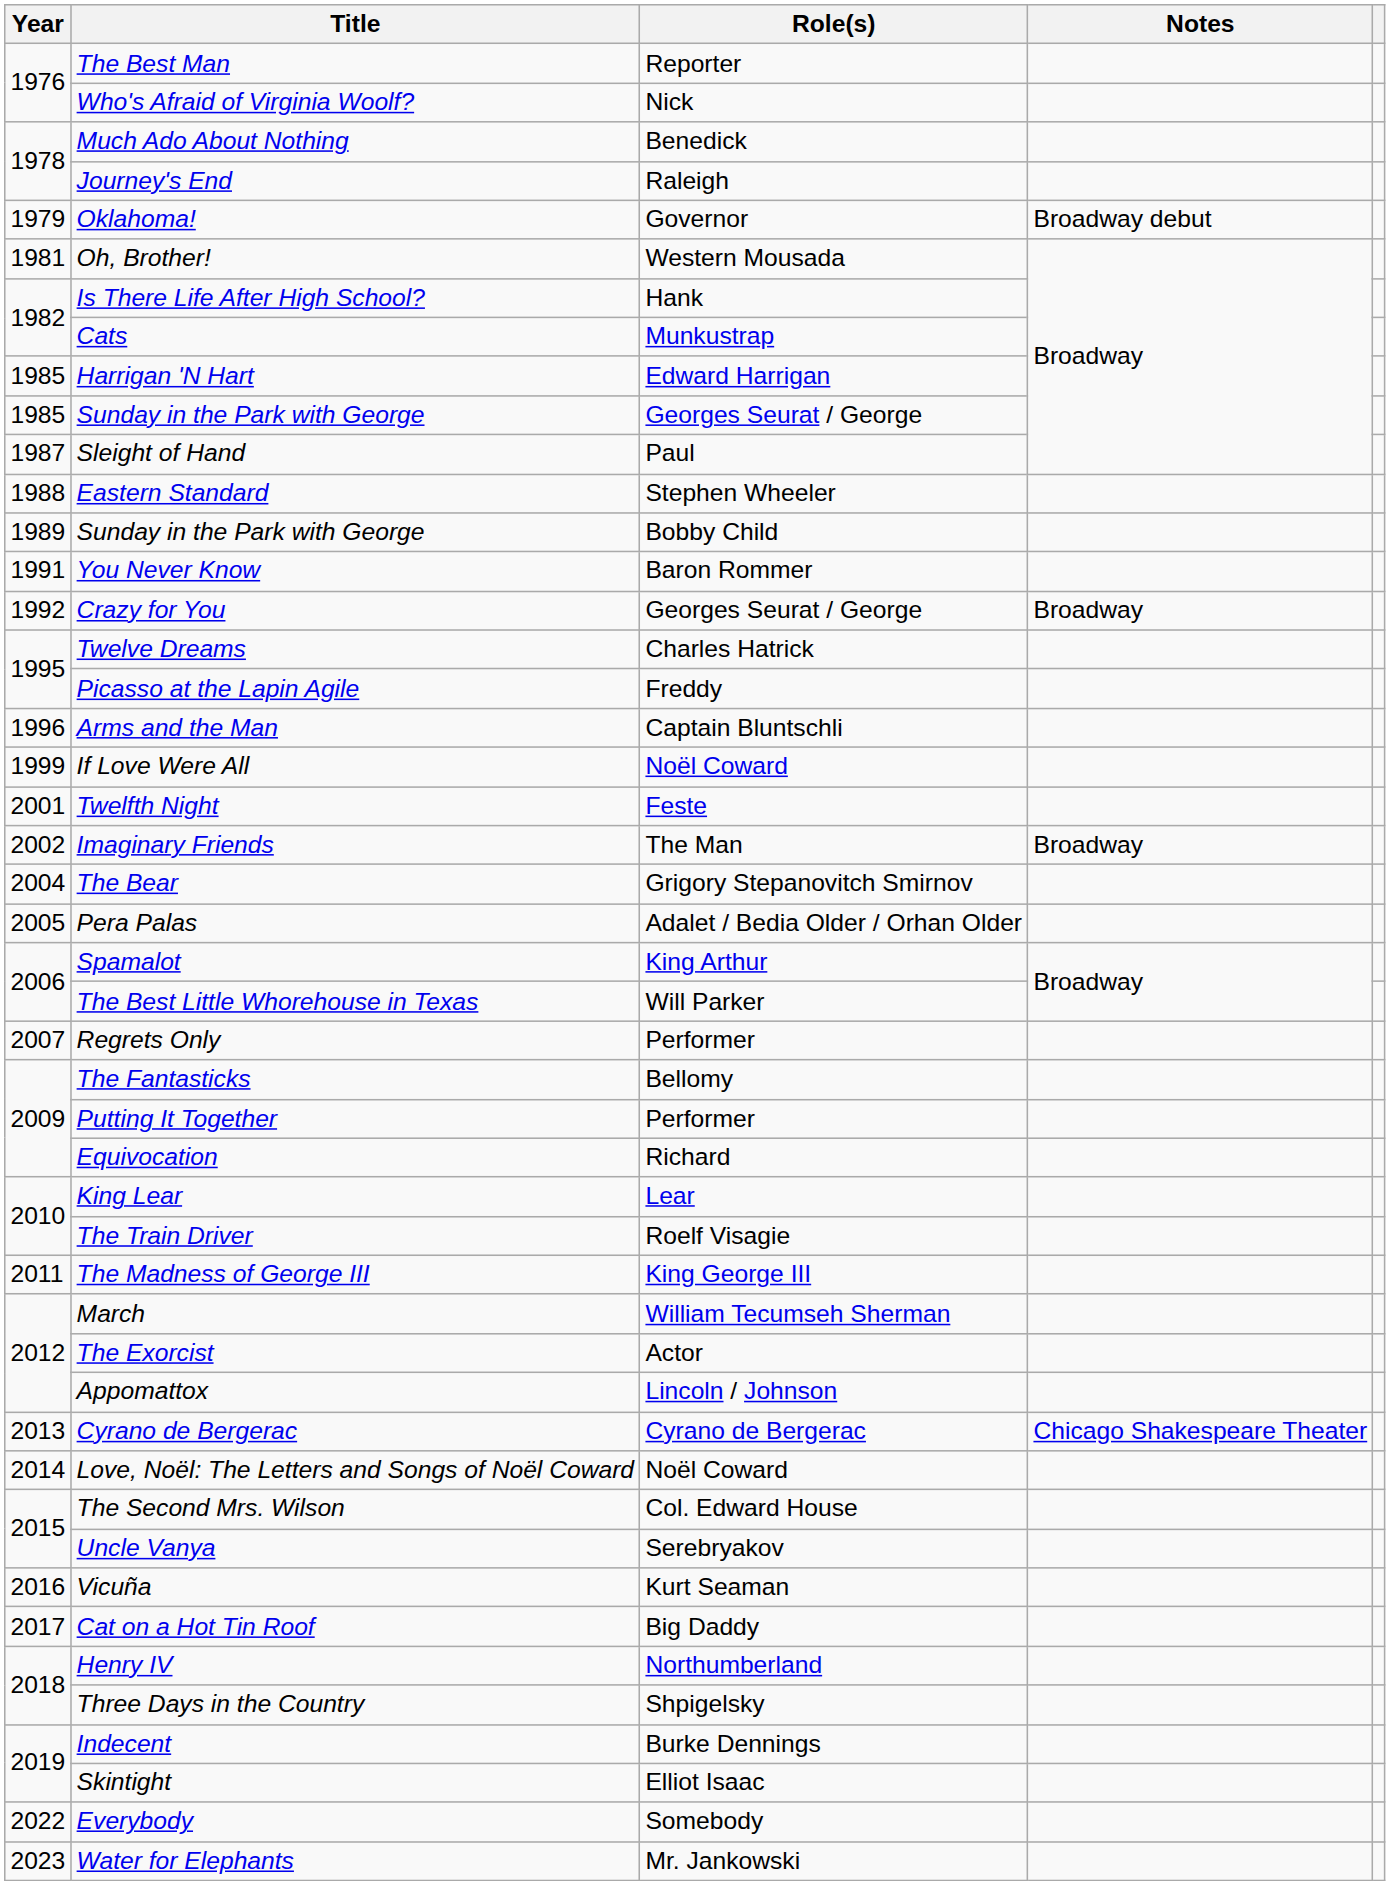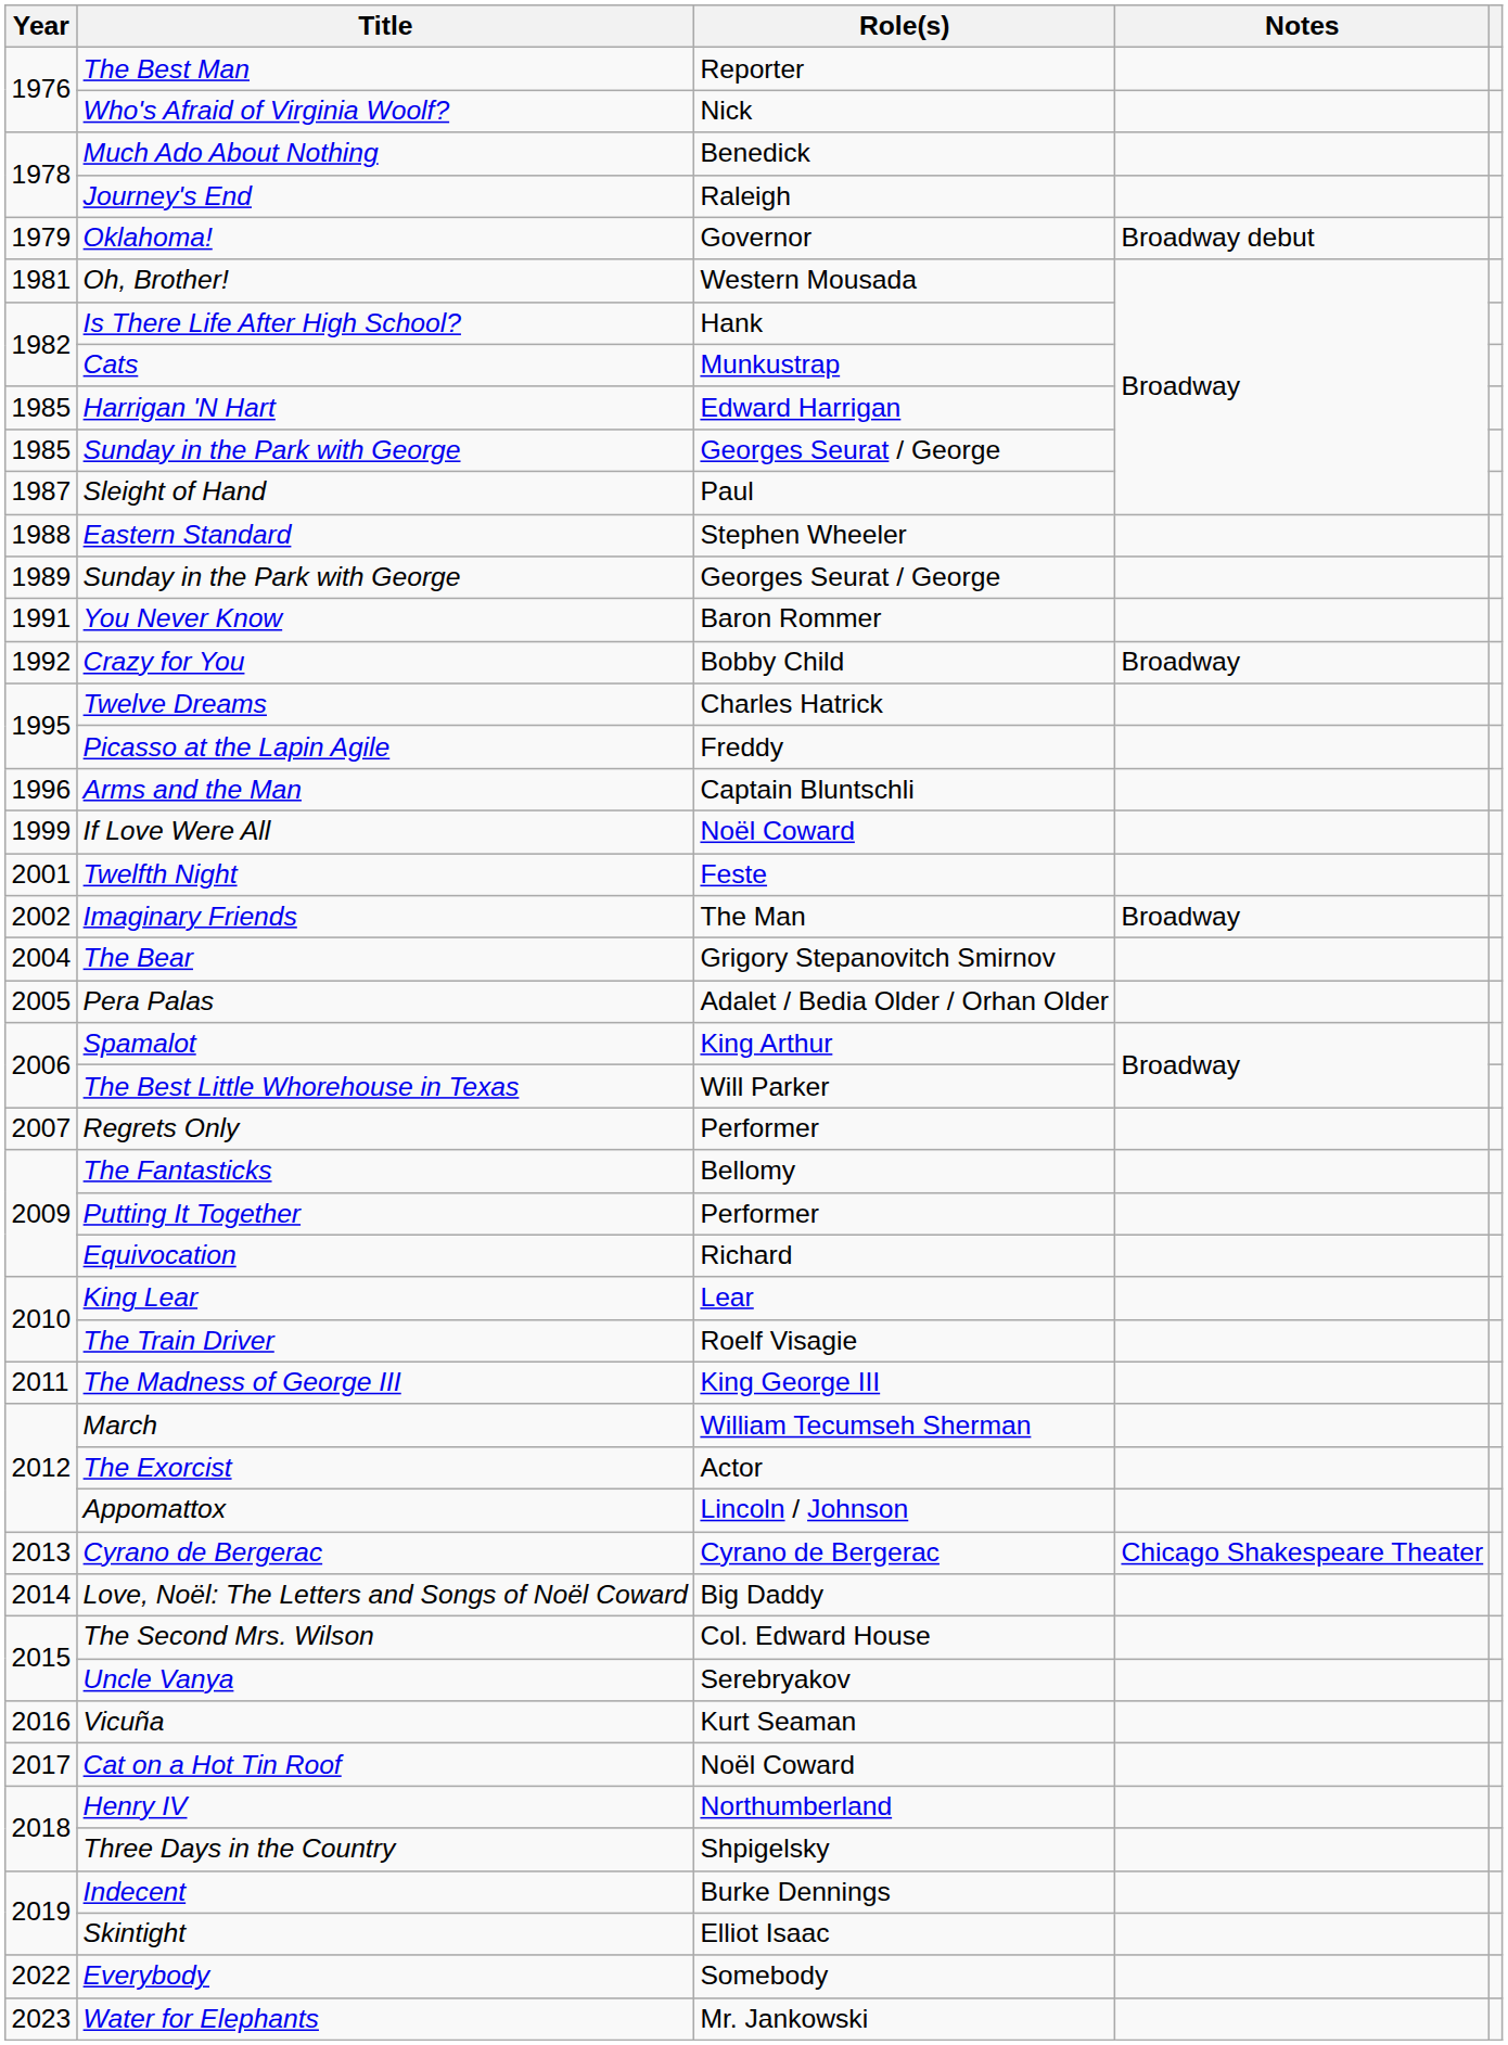 <table class="wikitable">
 <tr>
 <th>Year</th>
 <th>Title</th>
 <th>Role(s)</th>
 <th>Notes</th>
 <th></th>
 </tr>
 <tr>
 <td rowspan="2">1976</td>
 <td><a href='#'><em>The Best Man</em></a></td>
 <td>Reporter</td>
 <td></td>
 <td></td>
 </tr>
 <tr>
 <td><em><a href='#'>Who's Afraid of Virginia Woolf?</a></em></td>
 <td>Nick</td>
 <td></td>
 <td></td>
 </tr>
 <tr>
 <td rowspan="2">1978</td>
 <td><em><a href='#'>Much Ado About Nothing</a></em></td>
 <td>Benedick</td>
 <td></td>
 <td></td>
 </tr>
 <tr>
 <td><em><a href='#'>Journey's End</a></em></td>
 <td>Raleigh</td>
 <td></td>
 <td></td>
 </tr>
 <tr>
 <td>1979</td>
 <td><em><a href='#'>Oklahoma!</a></em></td>
 <td>Governor</td>
 <td>Broadway debut</td>
 <td></td>
 </tr>
 <tr>
 <td>1981</td>
 <td><em>Oh, Brother!</em></td>
 <td>Western Mousada</td>
 <td rowspan=6>Broadway</td>
 <td></td>
 </tr>
 <tr>
 <td rowspan="2">1982</td>
 <td><em><a href='#'>Is There Life After High School?</a></em></td>
 <td>Hank</td>
 <td></td>
 </tr>
 <tr>
 <td><a href='#'><em>Cats</em></a></td>
 <td><a href='#'>Munkustrap</a></td>
 <td></td>
 </tr>
 <tr>
 <td>1985</td>
 <td><em><a href='#'>Harrigan 'N Hart</a></em></td>
 <td><a href='#'>Edward Harrigan</a></td>
 <td></td>
 </tr>
 <tr>
 <td>1985</td>
 <td><em><a href='#'>Sunday in the Park with George</a></em></td>
 <td><a href='#'>Georges Seurat</a> / George</td>
 <td></td>
 </tr>
 <tr>
 <td>1987</td>
 <td><em>Sleight of Hand</em></td>
 <td>Paul</td>
 <td></td>
 </tr>
 <tr>
 <td>1988</td>
 <td><em><a href='#'>Eastern Standard</a></em></td>
 <td>Stephen Wheeler</td>
 <td></td>
 <td></td>
 </tr>
 <tr>
 <td>1989</td>
 <td><em>Sunday in the Park with George</em></td>
-<td>Bobby Child</td>
+<td>Georges Seurat / George</td>
 <td></td>
 <td></td>
 </tr>
 <tr>
 <td>1991</td>
 <td><a href='#'><em>You Never Know</em></a></td>
 <td>Baron Rommer</td>
 <td></td>
 <td></td>
 </tr>
 <tr>
 <td>1992</td>
 <td><a href='#'><em>Crazy for You</em></a></td>
-<td>Georges Seurat / George</td>
+<td>Bobby Child</td>
 <td>Broadway</td>
 <td></td>
 </tr>
 <tr>
 <td rowspan="2">1995</td>
 <td><em><a href='#'>Twelve Dreams</a></em></td>
 <td>Charles Hatrick</td>
 <td></td>
 <td></td>
 </tr>
 <tr>
 <td><em><a href='#'>Picasso at the Lapin Agile</a></em></td>
 <td>Freddy</td>
 <td></td>
 <td></td>
 </tr>
 <tr>
 <td>1996</td>
 <td><em><a href='#'>Arms and the Man</a></em></td>
 <td>Captain Bluntschli</td>
 <td></td>
 <td></td>
 </tr>
 <tr>
 <td>1999</td>
 <td><em>If Love Were All</em></td>
 <td><a href='#'>Noël Coward</a></td>
 <td></td>
 <td></td>
 </tr>
 <tr>
 <td>2001</td>
 <td><em><a href='#'>Twelfth Night</a></em></td>
 <td><a href='#'>Feste</a></td>
 <td></td>
 <td></td>
 </tr>
 <tr>
 <td>2002</td>
 <td><a href='#'><em>Imaginary Friends</em></a></td>
 <td>The Man</td>
 <td>Broadway</td>
 <td></td>
 </tr>
 <tr>
 <td>2004</td>
 <td><em><a href='#'>The Bear</a></em></td>
 <td>Grigory Stepanovitch Smirnov</td>
 <td></td>
 <td></td>
 </tr>
 <tr>
 <td>2005</td>
 <td><em>Pera Palas</em></td>
 <td>Adalet / Bedia Older / Orhan Older</td>
 <td></td>
 <td></td>
 </tr>
 <tr>
 <td rowspan="2">2006</td>
 <td><em><a href='#'>Spamalot</a></em></td>
 <td><a href='#'>King Arthur</a></td>
 <td rowspan=2>Broadway</td>
 <td></td>
 </tr>
 <tr>
 <td><em><a href='#'>The Best Little Whorehouse in Texas</a></em></td>
 <td>Will Parker</td>
 <td></td>
 </tr>
 <tr>
 <td>2007</td>
 <td><em>Regrets Only</em></td>
 <td>Performer</td>
 <td></td>
 <td></td>
 </tr>
 <tr>
 <td rowspan="3">2009</td>
 <td><em><a href='#'>The Fantasticks</a></em></td>
 <td>Bellomy</td>
 <td></td>
 <td></td>
 </tr>
 <tr>
 <td><em><a href='#'>Putting It Together</a></em></td>
 <td>Performer</td>
 <td></td>
 <td></td>
 </tr>
 <tr>
 <td><a href='#'><em>Equivocation</em></a></td>
 <td>Richard</td>
 <td></td>
 <td></td>
 </tr>
 <tr>
 <td rowspan="2">2010</td>
 <td><em><a href='#'>King Lear</a></em></td>
 <td><a href='#'>Lear</a></td>
 <td></td>
 <td></td>
 </tr>
 <tr>
 <td><em><a href='#'>The Train Driver</a></em></td>
 <td>Roelf Visagie</td>
 <td></td>
 <td></td>
 </tr>
 <tr>
 <td>2011</td>
 <td><em><a href='#'>The Madness of George III</a></em></td>
 <td><a href='#'>King George III</a></td>
 <td></td>
 <td></td>
 </tr>
 <tr>
 <td rowspan="3">2012</td>
 <td><em>March</em></td>
 <td><a href='#'>William Tecumseh Sherman</a></td>
 <td></td>
 <td></td>
 </tr>
 <tr>
 <td><a href='#'><em>The Exorcist</em></a></td>
 <td>Actor</td>
 <td></td>
 <td></td>
 </tr>
 <tr>
 <td><em>Appomattox</em></td>
 <td><a href='#'>Lincoln</a> / <a href='#'>Johnson</a></td>
 <td></td>
 <td></td>
 </tr>
 <tr>
 <td>2013</td>
 <td><a href='#'><em>Cyrano de Bergerac</em></a></td>
 <td><a href='#'>Cyrano de Bergerac</a></td>
 <td><a href='#'>Chicago Shakespeare Theater</a></td>
 <td></td>
 </tr>
 <tr>
 <td>2014</td>
 <td><em>Love, Noël: The Letters and Songs of Noël Coward</em></td>
-<td>Noël Coward</td>
+<td>Big Daddy</td>
 <td></td>
 <td></td>
 </tr>
 <tr>
 <td rowspan="2">2015</td>
 <td><em>The Second Mrs. Wilson</em></td>
 <td>Col. Edward House</td>
 <td></td>
 <td></td>
 </tr>
 <tr>
 <td><em><a href='#'>Uncle Vanya</a></em></td>
 <td>Serebryakov</td>
 <td></td>
 <td></td>
 </tr>
 <tr>
 <td>2016</td>
 <td><em>Vicuña</em></td>
 <td>Kurt Seaman</td>
 <td></td>
 <td></td>
 </tr>
 <tr>
 <td>2017</td>
 <td><em><a href='#'>Cat on a Hot Tin Roof</a></em></td>
-<td>Big Daddy</td>
+<td>Noël Coward</td>
 <td></td>
 <td></td>
 </tr>
 <tr>
 <td rowspan="2">2018</td>
 <td><a href='#'><em>Henry IV</em></a></td>
 <td><a href='#'>Northumberland</a></td>
 <td></td>
 <td></td>
 </tr>
 <tr>
 <td><em>Three Days in the Country</em></td>
 <td>Shpigelsky</td>
 <td></td>
 <td></td>
 </tr>
 <tr>
 <td rowspan="2">2019</td>
 <td><a href='#'><em>Indecent</em></a></td>
 <td>Burke Dennings</td>
 <td></td>
 <td></td>
 </tr>
 <tr>
 <td><em>Skintight</em></td>
 <td>Elliot Isaac</td>
 <td></td>
 <td></td>
 </tr>
 <tr>
 <td>2022</td>
 <td><em><a href='#'>Everybody</a></em></td>
 <td>Somebody</td>
 <td></td>
 <td></td>
 </tr>
 <tr>
 <td>2023</td>
 <td><em><a href='#'>Water for Elephants</a></em></td>
 <td>Mr. Jankowski</td>
 <td></td>
 <td></td>
 </tr>
 </table>
